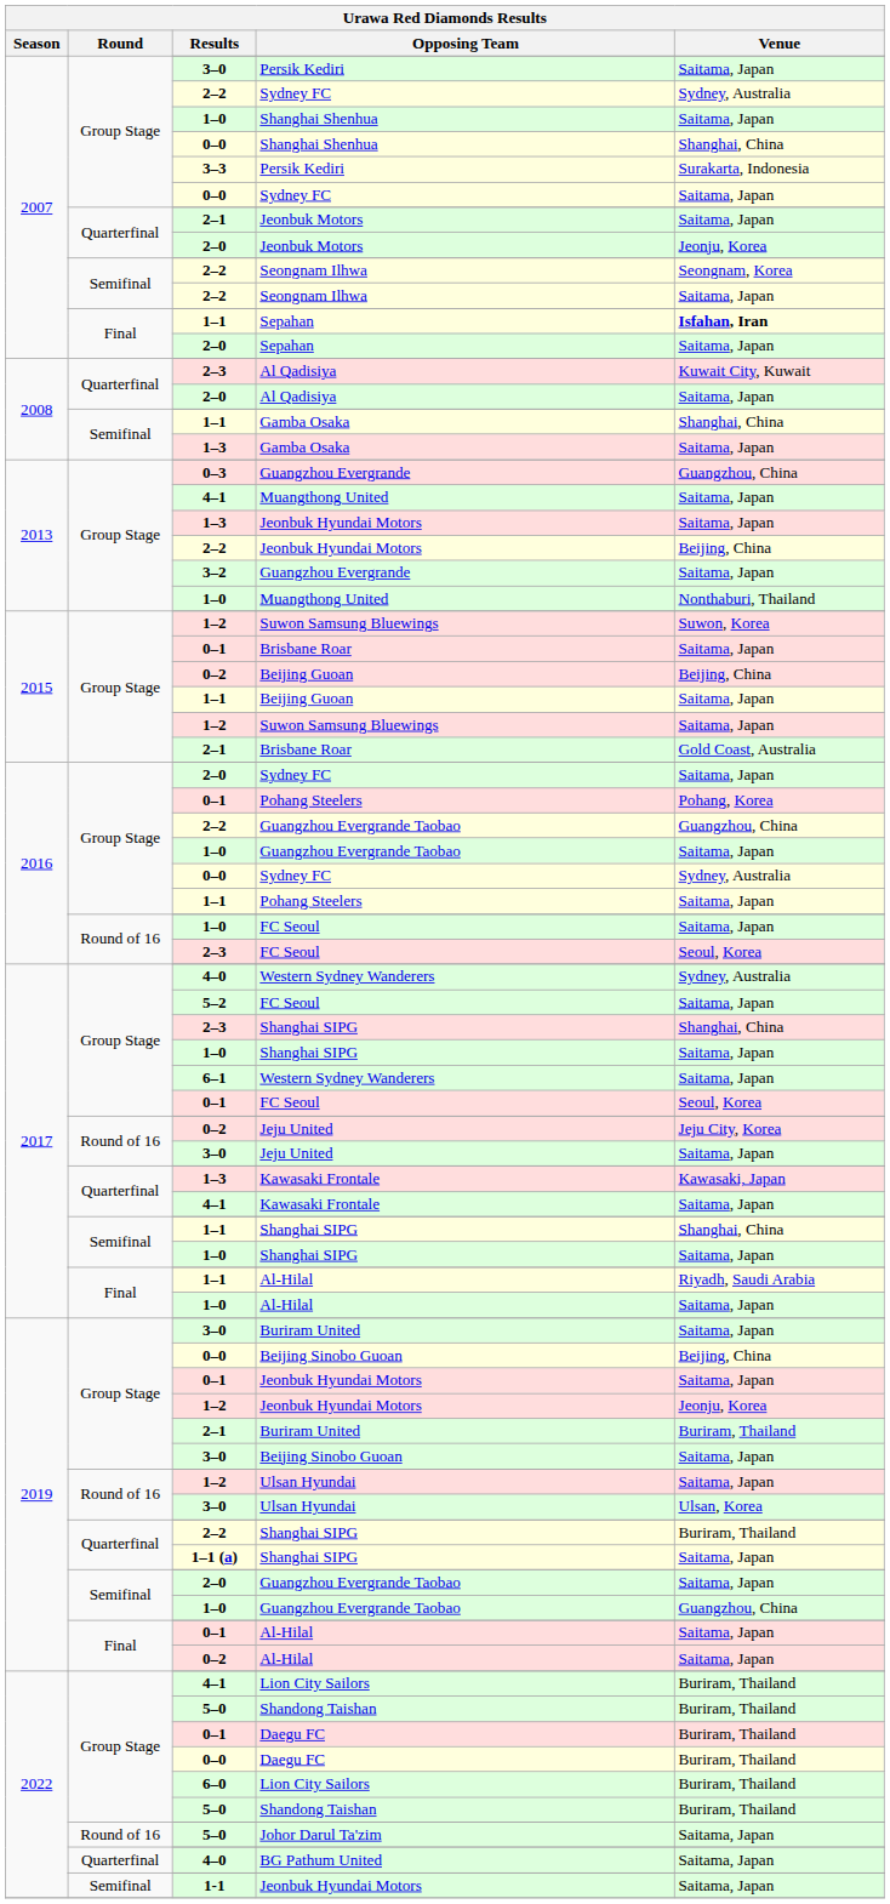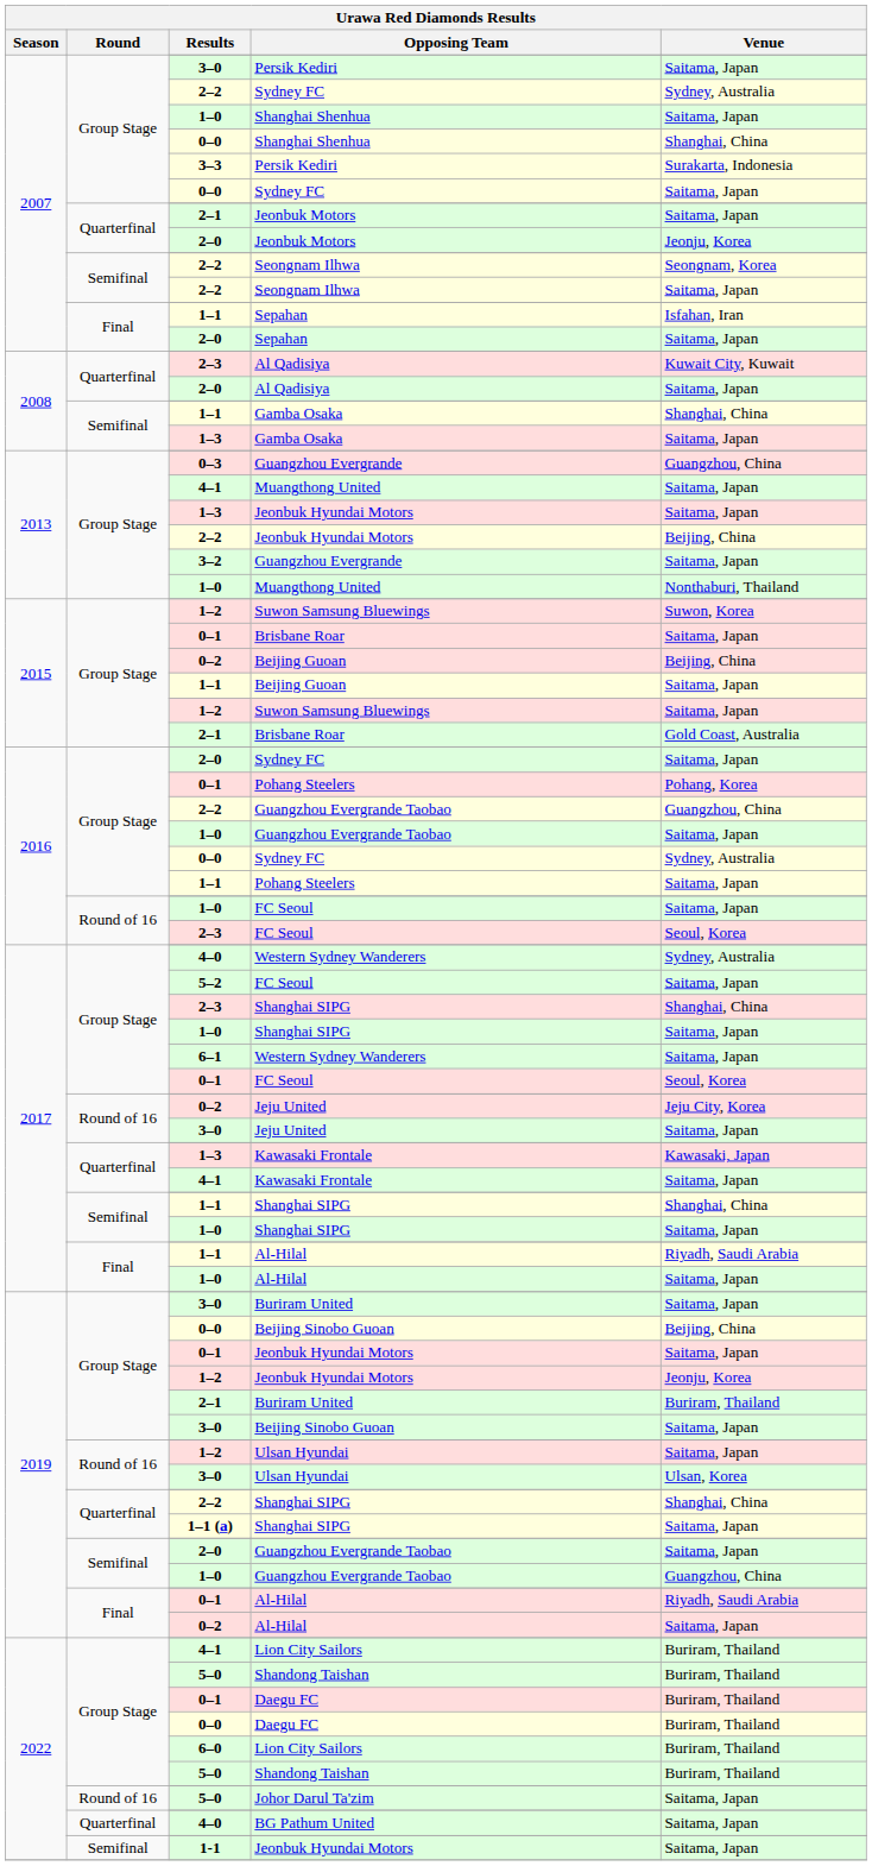 <table width=70% class="wikitable sortable" style="text-align:center;">
 <tr>
 <th colspan=6>Urawa Red Diamonds Results</th>
 </tr>
 <tr>
 <th width=5%>Season</th>
 <th width=10%>Round</th>
 <th width=8%>Results</th>
 <th width=40%>Opposing Team</th>
 <th width=20%>Venue</th>
 </tr>
 <tr>
 <td rowspan=16><a href='#'>2007</a></td>
 <td rowspan=7>Group Stage</td>
 </tr>
 <tr style="background:#ddffdd">
 <td><strong>3–0</strong></td>
 <td align="left"> <a href='#'>Persik Kediri</a></td>
 <td align="left"><a href='#'>Saitama</a>, Japan</td>
 </tr>
 <tr style="background:#ffffdd">
 <td><strong>2–2</strong></td>
 <td align="left"> <a href='#'>Sydney FC</a></td>
 <td align="left"><a href='#'>Sydney</a>, Australia</td>
 </tr>
 <tr style="background:#ddffdd">
 <td><strong>1–0</strong></td>
 <td align="left"> <a href='#'>Shanghai Shenhua</a></td>
 <td align="left"><a href='#'>Saitama</a>, Japan</td>
 </tr>
 <tr style="background:#ffffdd">
 <td><strong>0–0</strong></td>
 <td align="left"> <a href='#'>Shanghai Shenhua</a></td>
 <td align="left"><a href='#'>Shanghai</a>, China</td>
 </tr>
 <tr style="background:#ffffdd">
 <td><strong>3–3</strong></td>
 <td align="left"> <a href='#'>Persik Kediri</a></td>
 <td align="left"><a href='#'>Surakarta</a>, Indonesia</td>
 </tr>
 <tr style="background:#ffffdd">
 <td><strong>0–0</strong></td>
 <td align="left"> <a href='#'>Sydney FC</a></td>
 <td align="left"><a href='#'>Saitama</a>, Japan</td>
 </tr>
 <tr>
 <td rowspan=3>Quarterfinal</td>
 </tr>
 <tr style="background:#ddffdd">
 <td><strong>2–1</strong></td>
 <td align="left"> <a href='#'>Jeonbuk Motors</a></td>
 <td align="left"><a href='#'>Saitama</a>, Japan</td>
 </tr>
 <tr style="background:#ddffdd">
 <td><strong>2–0</strong></td>
 <td align="left"> <a href='#'>Jeonbuk Motors</a></td>
 <td align="left"><a href='#'>Jeonju</a>, <a href='#'>Korea</a></td>
 </tr>
 <tr>
 <td rowspan=3>Semifinal</td>
 </tr>
 <tr style="background:#ffffdd">
 <td><strong>2–2</strong></td>
 <td align="left"> <a href='#'>Seongnam Ilhwa</a></td>
 <td align="left"><a href='#'>Seongnam</a>, <a href='#'>Korea</a></td>
 </tr>
 <tr style="background:#ffffdd">
 <td><strong>2–2 </strong></td>
 <td align="left"> <a href='#'>Seongnam Ilhwa</a></td>
 <td align="left"><a href='#'>Saitama</a>, Japan</td>
 </tr>
 <tr>
 <td rowspan=3>Final</td>
 </tr>
 <tr style="background:#ffffdd">
 <td><strong>1–1</strong></td>
 <td align="left"> <a href='#'>Sepahan</a></td>
-<td align="left"><strong><a href='#'>Isfahan</a>, Iran</strong></td>
+<td align="left"><a href='#'>Isfahan</a>, Iran</td>
 </tr>
 <tr style="background:#ddffdd">
 <td><strong>2–0</strong></td>
 <td align="left"> <a href='#'>Sepahan</a></td>
 <td align="left"><a href='#'>Saitama</a>, Japan</td>
 </tr>
 <tr>
 <td rowspan=6><a href='#'>2008</a></td>
 <td rowspan=3>Quarterfinal</td>
 </tr>
 <tr style="background:#ffdddd">
 <td><strong>2–3</strong></td>
 <td align="left"> <a href='#'>Al Qadisiya</a></td>
 <td align="left"><a href='#'>Kuwait City</a>, Kuwait</td>
 </tr>
 <tr style="background:#ddffdd">
 <td><strong>2–0</strong></td>
 <td align="left"> <a href='#'>Al Qadisiya</a></td>
 <td align="left"><a href='#'>Saitama</a>, Japan</td>
 </tr>
 <tr>
 <td rowspan=3>Semifinal</td>
 </tr>
 <tr style="background:#ffffdd">
 <td><strong>1–1</strong></td>
 <td align="left"> <a href='#'>Gamba Osaka</a></td>
 <td align="left"><a href='#'>Shanghai</a>, China</td>
 </tr>
 <tr style="background:#ffdddd">
 <td><strong>1–3</strong></td>
 <td align="left"> <a href='#'>Gamba Osaka</a></td>
 <td align="left"><a href='#'>Saitama</a>, Japan</td>
 </tr>
 <tr>
 <td rowspan=7><a href='#'>2013</a></td>
 <td rowspan=7>Group Stage</td>
 </tr>
 <tr style="background:#ffdddd">
 <td><strong>0–3</strong></td>
 <td align="left"> <a href='#'>Guangzhou Evergrande</a></td>
 <td align="left"><a href='#'>Guangzhou</a>, China</td>
 </tr>
 <tr style="background:#ddffdd">
 <td><strong>4–1</strong></td>
 <td align="left"> <a href='#'>Muangthong United</a></td>
 <td align="left"><a href='#'>Saitama</a>, Japan</td>
 </tr>
 <tr style="background:#ffdddd">
 <td><strong>1–3</strong></td>
 <td align="left"> <a href='#'>Jeonbuk Hyundai Motors</a></td>
 <td align="left"><a href='#'>Saitama</a>, Japan</td>
 </tr>
 <tr style="background:#ffffdd">
 <td><strong>2–2</strong></td>
 <td align="left"> <a href='#'>Jeonbuk Hyundai Motors</a></td>
 <td align="left"><a href='#'>Beijing</a>, China</td>
 </tr>
 <tr style="background:#ddffdd">
 <td><strong>3–2</strong></td>
 <td align="left"> <a href='#'>Guangzhou Evergrande</a></td>
 <td align="left"><a href='#'>Saitama</a>, Japan</td>
 </tr>
 <tr style="background:#ddffdd">
 <td><strong>1–0</strong></td>
 <td align="left"> <a href='#'>Muangthong United</a></td>
 <td align="left"><a href='#'>Nonthaburi</a>, Thailand</td>
 </tr>
 <tr>
 <td rowspan=7><a href='#'>2015</a></td>
 <td rowspan=7>Group Stage</td>
 </tr>
 <tr style="background:#ffdddd">
 <td><strong>1–2</strong></td>
 <td align="left"> <a href='#'>Suwon Samsung Bluewings</a></td>
 <td align="left"><a href='#'>Suwon</a>, <a href='#'>Korea</a></td>
 </tr>
 <tr style="background:#ffdddd">
 <td><strong>0–1</strong></td>
 <td align="left"> <a href='#'>Brisbane Roar</a></td>
 <td align="left"><a href='#'>Saitama</a>, Japan</td>
 </tr>
 <tr style="background:#ffdddd">
 <td><strong>0–2</strong></td>
 <td align="left"> <a href='#'>Beijing Guoan</a></td>
 <td align="left"><a href='#'>Beijing</a>, China</td>
 </tr>
 <tr style="background:#ffffdd">
 <td><strong>1–1</strong></td>
 <td align="left"> <a href='#'>Beijing Guoan</a></td>
 <td align="left"><a href='#'>Saitama</a>, Japan</td>
 </tr>
 <tr style="background:#ffdddd">
 <td><strong>1–2</strong></td>
 <td align="left"> <a href='#'>Suwon Samsung Bluewings</a></td>
 <td align="left"><a href='#'>Saitama</a>, Japan</td>
 </tr>
 <tr style="background:#ddffdd">
 <td><strong>2–1</strong></td>
 <td align="left"> <a href='#'>Brisbane Roar</a></td>
 <td align="left"><a href='#'>Gold Coast</a>, Australia</td>
 </tr>
 <tr>
 <td rowspan=10><a href='#'>2016</a></td>
 <td rowspan=7>Group Stage</td>
 </tr>
 <tr style="background:#ddffdd">
 <td><strong>2–0</strong></td>
 <td align="left"> <a href='#'>Sydney FC</a></td>
 <td align="left"><a href='#'>Saitama</a>, Japan</td>
 </tr>
 <tr style="background:#ffdddd">
 <td><strong>0–1</strong></td>
 <td align="left"> <a href='#'>Pohang Steelers</a></td>
 <td align="left"><a href='#'>Pohang</a>, <a href='#'>Korea</a></td>
 </tr>
 <tr style="background:#ffffdd">
 <td><strong>2–2</strong></td>
 <td align="left"> <a href='#'>Guangzhou Evergrande Taobao</a></td>
 <td align="left"><a href='#'>Guangzhou</a>, China</td>
 </tr>
 <tr style="background:#ddffdd">
 <td><strong>1–0</strong></td>
 <td align="left"> <a href='#'>Guangzhou Evergrande Taobao</a></td>
 <td align="left"><a href='#'>Saitama</a>, Japan</td>
 </tr>
 <tr style="background:#ffffdd">
 <td><strong>0–0</strong></td>
 <td align="left"> <a href='#'>Sydney FC</a></td>
 <td align="left"><a href='#'>Sydney</a>, Australia</td>
 </tr>
 <tr style="background:#ffffdd">
 <td><strong>1–1</strong></td>
 <td align="left"> <a href='#'>Pohang Steelers</a></td>
 <td align="left"><a href='#'>Saitama</a>, Japan</td>
 </tr>
 <tr>
 <td rowspan=3>Round of 16</td>
 </tr>
 <tr style="background:#ddffdd">
 <td><strong>1–0</strong></td>
 <td align="left"> <a href='#'>FC Seoul</a></td>
 <td align="left"><a href='#'>Saitama</a>, Japan</td>
 </tr>
 <tr style="background:#ffdddd">
 <td><strong>2–3 </strong></td>
 <td align="left"> <a href='#'>FC Seoul</a></td>
 <td align="left"><a href='#'>Seoul</a>, <a href='#'>Korea</a></td>
 </tr>
 <tr>
 <td rowspan=19><a href='#'>2017</a></td>
 <td rowspan=7>Group Stage</td>
 </tr>
 <tr style="background:#ddffdd">
 <td><strong>4–0</strong></td>
 <td align="left"> <a href='#'>Western Sydney Wanderers</a></td>
 <td align="left"><a href='#'>Sydney</a>, Australia</td>
 </tr>
 <tr style="background:#ddffdd">
 <td><strong>5–2</strong></td>
 <td align="left"> <a href='#'>FC Seoul</a></td>
 <td align="left"><a href='#'>Saitama</a>, Japan</td>
 </tr>
 <tr style="background:#ffdddd">
 <td><strong>2–3</strong></td>
 <td align="left"> <a href='#'>Shanghai SIPG</a></td>
 <td align="left"><a href='#'>Shanghai</a>, China</td>
 </tr>
 <tr style="background:#ddffdd">
 <td><strong>1–0</strong></td>
 <td align="left"> <a href='#'>Shanghai SIPG</a></td>
 <td align="left"><a href='#'>Saitama</a>, Japan</td>
 </tr>
 <tr style="background:#ddffdd">
 <td><strong>6–1</strong></td>
 <td align="left"> <a href='#'>Western Sydney Wanderers</a></td>
 <td align="left"><a href='#'>Saitama</a>, Japan</td>
 </tr>
 <tr style="background:#ffdddd">
 <td><strong>0–1</strong></td>
 <td align="left"> <a href='#'>FC Seoul</a></td>
 <td align="left"><a href='#'>Seoul</a>, <a href='#'>Korea</a></td>
 </tr>
 <tr>
 <td rowspan=3>Round of 16</td>
 </tr>
 <tr style="background:#ffdddd">
 <td><strong>0–2</strong></td>
 <td align="left"> <a href='#'>Jeju United</a></td>
 <td align="left"><a href='#'>Jeju City</a>, <a href='#'>Korea</a></td>
 </tr>
 <tr style="background:#ddffdd">
 <td><strong>3–0</strong></td>
 <td align="left"> <a href='#'>Jeju United</a></td>
 <td align="left"><a href='#'>Saitama</a>, Japan</td>
 </tr>
 <tr>
 <td rowspan=3>Quarterfinal</td>
 </tr>
 <tr style="background:#ffdddd">
 <td><strong>1–3</strong></td>
 <td align="left"> <a href='#'>Kawasaki Frontale</a></td>
 <td align="left"><a href='#'>Kawasaki, Japan</a></td>
 </tr>
 <tr style="background:#ddffdd">
 <td><strong>4–1</strong></td>
 <td align="left"> <a href='#'>Kawasaki Frontale</a></td>
 <td align="left"><a href='#'>Saitama</a>, Japan</td>
 </tr>
 <tr>
 <td rowspan=3>Semifinal</td>
 </tr>
 <tr style="background:#ffffdd">
 <td><strong>1–1</strong></td>
 <td align="left"> <a href='#'>Shanghai SIPG</a></td>
 <td align="left"><a href='#'>Shanghai</a>, China</td>
 </tr>
 <tr style="background:#ddffdd">
 <td><strong>1–0</strong></td>
 <td align="left"> <a href='#'>Shanghai SIPG</a></td>
 <td align="left"><a href='#'>Saitama</a>, Japan</td>
 </tr>
 <tr>
 <td rowspan=3>Final</td>
 </tr>
 <tr style="background:#ffffdd">
 <td><strong>1–1</strong></td>
 <td align="left"> <a href='#'>Al-Hilal</a></td>
 <td align="left"><a href='#'>Riyadh</a>, <a href='#'>Saudi Arabia</a></td>
 </tr>
 <tr style="background:#ddffdd">
 <td><strong>1–0</strong></td>
 <td align="left"> <a href='#'>Al-Hilal</a></td>
 <td align="left"><a href='#'>Saitama</a>, Japan</td>
 </tr>
 <tr>
 <td rowspan=19><a href='#'>2019</a></td>
 <td rowspan=7>Group Stage</td>
 </tr>
 <tr style="background:#ddffdd">
 <td><strong>3–0</strong></td>
 <td align="left"> <a href='#'>Buriram United</a></td>
 <td align="left"><a href='#'>Saitama</a>, Japan</td>
 </tr>
 <tr style="background:#ffffdd">
 <td><strong>0–0</strong></td>
 <td align="left"> <a href='#'>Beijing Sinobo Guoan</a></td>
 <td align="left"><a href='#'>Beijing</a>, China</td>
 </tr>
 <tr style="background:#ffdddd">
 <td><strong>0–1</strong></td>
 <td align="left"> <a href='#'>Jeonbuk Hyundai Motors</a></td>
 <td align="left"><a href='#'>Saitama</a>, Japan</td>
 </tr>
 <tr style="background:#ffdddd">
 <td><strong>1–2</strong></td>
 <td align="left"> <a href='#'>Jeonbuk Hyundai Motors</a></td>
 <td align="left"><a href='#'>Jeonju</a>, <a href='#'>Korea</a></td>
 </tr>
 <tr style="background:#ddffdd">
 <td><strong>2–1</strong></td>
 <td align="left"> <a href='#'>Buriram United</a></td>
 <td align="left"><a href='#'>Buriram</a>, <a href='#'>Thailand</a></td>
 </tr>
 <tr style="background:#ddffdd">
 <td><strong>3–0</strong></td>
 <td align="left"> <a href='#'>Beijing Sinobo Guoan</a></td>
 <td align="left"><a href='#'>Saitama</a>, Japan</td>
 </tr>
 <tr>
 <td rowspan=3>Round of 16</td>
 </tr>
 <tr style="background:#ffdddd">
 <td><strong>1–2</strong></td>
 <td align="left"> <a href='#'>Ulsan Hyundai</a></td>
 <td align="left"><a href='#'>Saitama</a>, Japan</td>
 </tr>
 <tr style="background:#ddffdd">
 <td><strong>3–0</strong></td>
 <td align="left"> <a href='#'>Ulsan Hyundai</a></td>
 <td align="left"><a href='#'>Ulsan</a>, <a href='#'>Korea</a></td>
 </tr>
 <tr>
 <td rowspan=3>Quarterfinal</td>
 </tr>
 <tr style="background:#ffffdd">
 <td><strong>2–2</strong></td>
 <td align="left"> <a href='#'>Shanghai SIPG</a></td>
-<td align="left">Buriram, Thailand</td>
+<td align="left"><a href='#'>Shanghai</a>, China</td>
 </tr>
 <tr style="background:#ffffdd">
 <td><strong>1–1 (<a href='#'>a</a>)</strong></td>
 <td align="left"> <a href='#'>Shanghai SIPG</a></td>
 <td align="left"><a href='#'>Saitama</a>, Japan</td>
 </tr>
 <tr>
 <td rowspan=3>Semifinal</td>
 </tr>
 <tr style="background:#ddffdd">
 <td><strong>2–0</strong></td>
 <td align="left"> <a href='#'>Guangzhou Evergrande Taobao</a></td>
 <td align="left"><a href='#'>Saitama</a>, Japan</td>
 </tr>
 <tr style="background:#ddffdd">
 <td><strong>1–0</strong></td>
 <td align="left"> <a href='#'>Guangzhou Evergrande Taobao</a></td>
 <td align="left"><a href='#'>Guangzhou</a>, China</td>
 </tr>
 <tr>
 <td rowspan=3>Final</td>
 </tr>
 <tr style="background:#ffdddd">
 <td><strong>0–1</strong></td>
 <td align="left"> <a href='#'>Al-Hilal</a></td>
-<td align="left"><a href='#'>Saitama</a>, Japan</td>
+<td align="left"><a href='#'>Riyadh</a>, <a href='#'>Saudi Arabia</a></td>
 </tr>
 <tr style="background:#ffdddd">
 <td><strong>0–2</strong></td>
 <td align="left"> <a href='#'>Al-Hilal</a></td>
 <td align="left"><a href='#'>Saitama</a>, Japan</td>
 </tr>
 <tr>
 <td rowspan=13><a href='#'>2022</a></td>
 <td rowspan=7>Group Stage</td>
 </tr>
 <tr style="background:#ddffdd">
 <td><strong>4–1</strong></td>
 <td align="left"> <a href='#'>Lion City Sailors</a></td>
 <td align="left">Buriram, Thailand</td>
 </tr>
 <tr style="background:#ddffdd">
 <td><strong>5–0</strong></td>
 <td align="left"> <a href='#'>Shandong Taishan</a></td>
 <td align="left">Buriram, Thailand</td>
 </tr>
 <tr style="background:#ffdddd">
 <td><strong>0–1</strong></td>
 <td align="left"> <a href='#'>Daegu FC</a></td>
 <td align="left">Buriram, Thailand</td>
 </tr>
 <tr style="background:#ffffdd">
 <td><strong>0–0</strong></td>
 <td align="left"> <a href='#'>Daegu FC</a></td>
 <td align="left">Buriram, Thailand</td>
 </tr>
 <tr style="background:#ddffdd">
 <td><strong>6–0</strong></td>
 <td align="left"> <a href='#'>Lion City Sailors</a></td>
 <td align="left">Buriram, Thailand</td>
 </tr>
 <tr style="background:#ddffdd">
 <td><strong>5–0</strong></td>
 <td align="left"> <a href='#'>Shandong Taishan</a></td>
 <td align="left">Buriram, Thailand</td>
 </tr>
 <tr>
 <td rowspan=2>Round of 16</td>
 </tr>
 <tr style="background:#ddffdd">
 <td><strong>5–0</strong></td>
 <td align="left"> <a href='#'>Johor Darul Ta'zim</a></td>
 <td align="left">Saitama, Japan</td>
 </tr>
 <tr>
 <td rowspan=2>Quarterfinal</td>
 </tr>
 <tr style="background:#ddffdd">
 <td><strong>4–0</strong></td>
 <td align="left"> <a href='#'>BG Pathum United</a></td>
 <td align="left">Saitama, Japan</td>
 </tr>
 <tr>
 <td rowspan=2>Semifinal</td>
 </tr>
 <tr style="background:#ddffdd">
 <td><strong>1-1  </strong></td>
 <td align="left"> <a href='#'>Jeonbuk Hyundai Motors</a></td>
 <td align="left">Saitama, Japan</td>
 </tr>
 <tr>
 </tr>
 </table>
